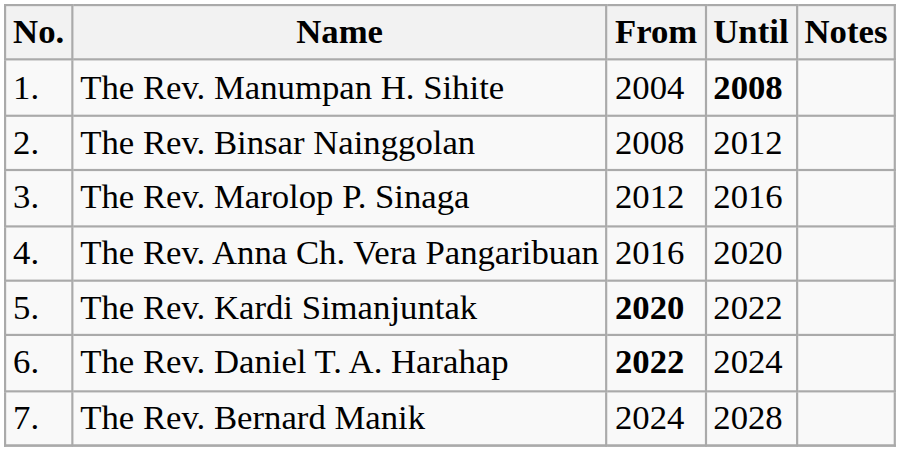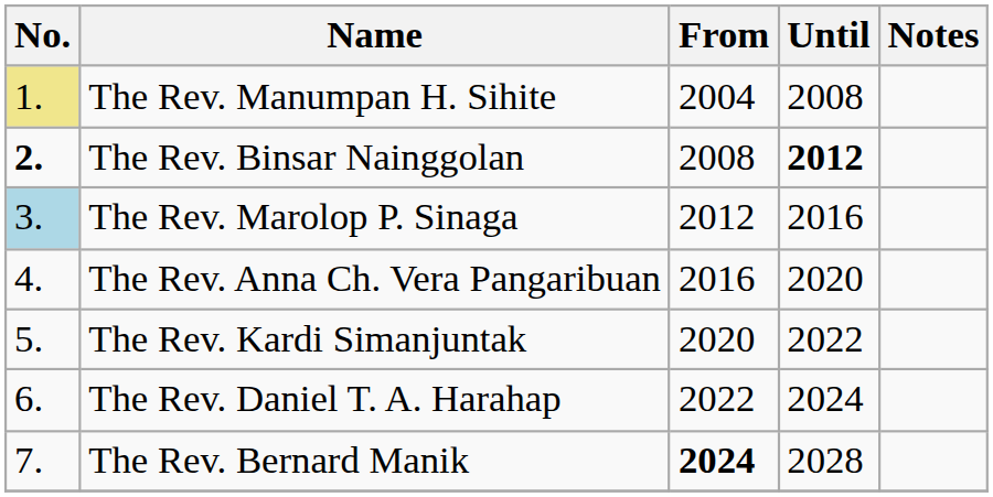 <table class="wikitable">
 <tr>
 <th>No.</th>
 <th>Name</th>
 <th>From</th>
 <th>Until</th>
 <th>Notes</th>
 </tr>
 <tr>
-<td>1.</td>
+<td style="background: khaki;">1.</td>
 <td>The Rev. Manumpan H. Sihite</td>
 <td>2004</td>
-<td><strong>2008</strong></td>
+<td>2008</td>
 <td></td>
 </tr>
 <tr>
-<td>2.</td>
+<td><strong>2.</strong></td>
 <td>The Rev. Binsar Nainggolan</td>
 <td>2008</td>
-<td>2012</td>
+<td><strong>2012</strong></td>
 <td></td>
 </tr>
 <tr>
-<td>3.</td>
+<td style="background: lightblue;">3.</td>
 <td>The Rev. Marolop P. Sinaga</td>
 <td>2012</td>
 <td>2016</td>
 <td></td>
 </tr>
 <tr>
 <td>4.</td>
 <td>The Rev. Anna Ch. Vera Pangaribuan</td>
 <td>2016</td>
 <td>2020</td>
 <td></td>
 </tr>
 <tr>
 <td>5.</td>
 <td>The Rev. Kardi Simanjuntak</td>
-<td><strong>2020</strong></td>
+<td>2020</td>
 <td>2022</td>
 <td></td>
 </tr>
 <tr>
 <td>6.</td>
 <td>The Rev. Daniel T. A. Harahap</td>
-<td><strong>2022</strong></td>
+<td>2022</td>
 <td>2024</td>
 <td></td>
 </tr>
 <tr>
 <td>7.</td>
 <td>The Rev. Bernard Manik</td>
-<td>2024</td>
+<td><strong>2024</strong></td>
 <td>2028</td>
 <td></td>
 </tr>
 <tr>
 </tr>
 </table>
